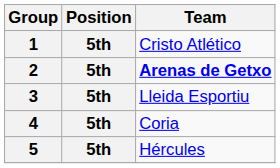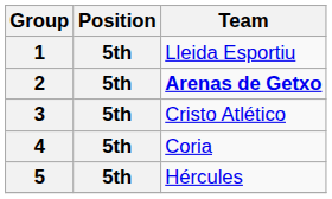 <table class="wikitable">
 <tr>
 <th>Group</th>
 <th>Position</th>
 <th>Team</th>
 </tr>
 <tr>
 <th>1</th>
 <th>5th</th>
-<td><a href='#'>Cristo Atlético</a></td>
+<td><a href='#'>Lleida Esportiu</a></td>
 </tr>
 <tr>
 <th>2</th>
 <th>5th</th>
 <td><strong><a href='#'>Arenas de Getxo</a></strong></td>
 </tr>
 <tr>
 <th>3</th>
 <th>5th</th>
-<td><a href='#'>Lleida Esportiu</a></td>
+<td><a href='#'>Cristo Atlético</a></td>
 </tr>
 <tr>
 <th>4</th>
 <th>5th</th>
 <td><a href='#'>Coria</a></td>
 </tr>
 <tr>
 <th>5</th>
 <th>5th</th>
 <td><a href='#'>Hércules</a></td>
 </tr>
 <tr>
 </tr>
 </table>
